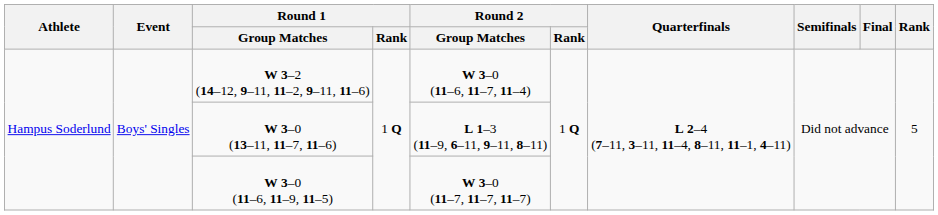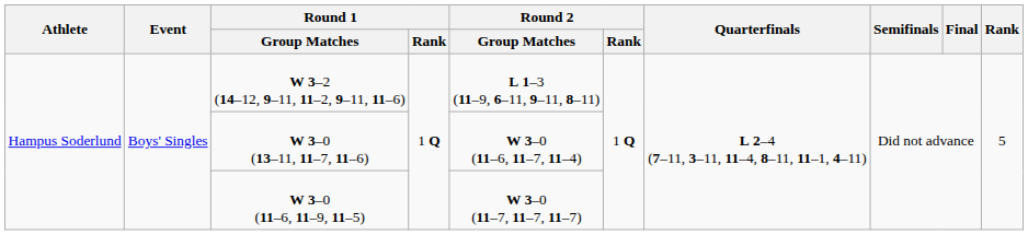 <table class="wikitable" border="1" style="font-size:90%">
 <tr>
 <th rowspan=2>Athlete</th>
 <th rowspan=2>Event</th>
 <th colspan=2>Round 1</th>
 <th colspan=2>Round 2</th>
 <th rowspan=2>Quarterfinals</th>
 <th rowspan=2>Semifinals</th>
 <th rowspan=2>Final</th>
 <th rowspan=2>Rank</th>
 </tr>
 <tr>
 <th>Group Matches</th>
 <th>Rank</th>
 <th>Group Matches</th>
 <th>Rank</th>
 </tr>
 <tr>
 <td rowspan=3><a href='#'>Hampus Soderlund</a></td>
 <td rowspan=3><a href='#'>Boys' Singles</a></td>
 <td align=center> <br> <strong>W</strong> <strong>3</strong>–2 <br> (<strong>14</strong>–12, <strong>9</strong>–11, <strong>11</strong>–2, <strong>9</strong>–11, <strong>11</strong>–6)</td>
 <td rowspan=3 align=center>1 <strong>Q</strong></td>
-<td align=center> <br> <strong>W</strong> <strong>3</strong>–0 <br> (<strong>11</strong>–6, <strong>11</strong>–7, <strong>11</strong>–4)</td>
+<td align=center> <br> <strong>L</strong> <strong>1</strong>–3 <br> (<strong>11</strong>–9, <strong>6</strong>–11, <strong>9</strong>–11, <strong>8</strong>–11)</td>
 <td rowspan=3 align=center>1 <strong>Q</strong></td>
 <td rowspan=3 align=center> <br> <strong>L</strong> <strong>2</strong>–4 <br> (<strong>7</strong>–11, <strong>3</strong>–11, <strong>11</strong>–4, <strong>8</strong>–11, <strong>11</strong>–1, <strong>4</strong>–11)</td>
 <td rowspan=3 colspan=2 align=center>Did not advance</td>
 <td rowspan=3 align=center>5</td>
 </tr>
 <tr>
 <td align=center> <br> <strong>W</strong> <strong>3</strong>–0 <br> (<strong>13</strong>–11, <strong>11</strong>–7, <strong>11</strong>–6)</td>
-<td align=center> <br> <strong>L</strong> <strong>1</strong>–3 <br> (<strong>11</strong>–9, <strong>6</strong>–11, <strong>9</strong>–11, <strong>8</strong>–11)</td>
+<td align=center> <br> <strong>W</strong> <strong>3</strong>–0 <br> (<strong>11</strong>–6, <strong>11</strong>–7, <strong>11</strong>–4)</td>
 </tr>
 <tr>
 <td align=center> <br> <strong>W</strong> <strong>3</strong>–0 <br> (<strong>11</strong>–6, <strong>11</strong>–9, <strong>11</strong>–5)</td>
 <td align=center> <br> <strong>W</strong> <strong>3</strong>–0 <br> (<strong>11</strong>–7, <strong>11</strong>–7, <strong>11</strong>–7)</td>
 </tr>
 </table>
